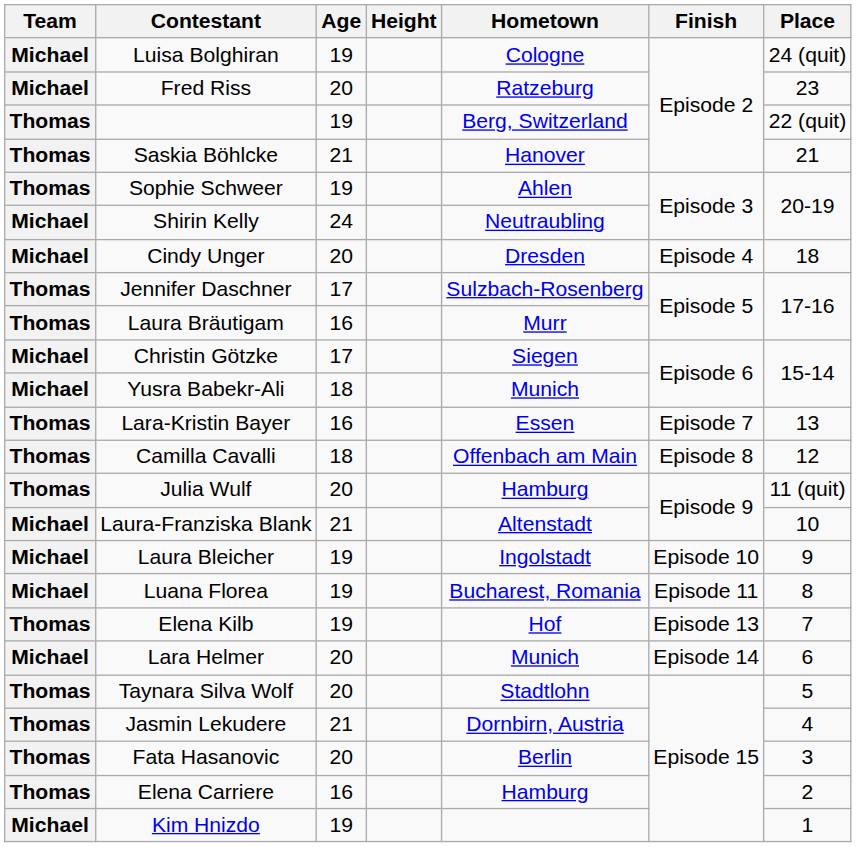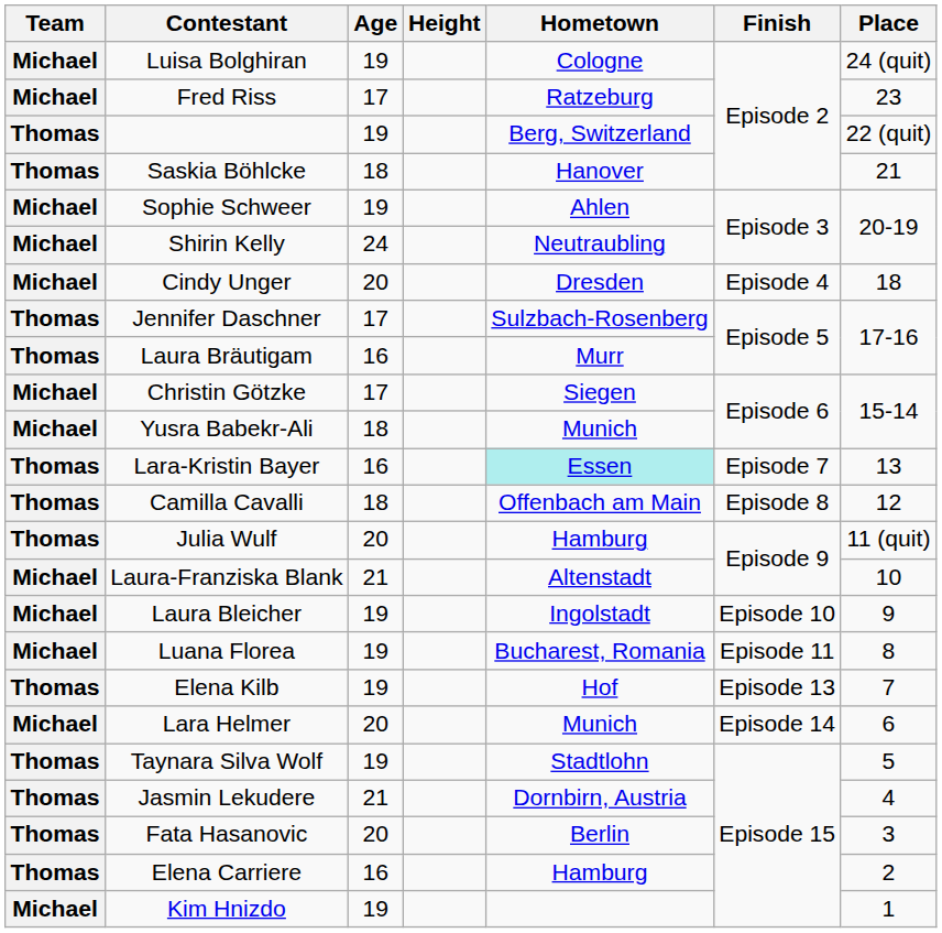 <table class="wikitable sortable" style="text-align:center;">
 <tr>
 <th>Team</th>
 <th>Contestant</th>
 <th>Age</th>
 <th>Height</th>
 <th>Hometown</th>
 <th>Finish</th>
 <th>Place</th>
 </tr>
 <tr>
 <th><span>Michael</span></th>
 <td>Luisa Bolghiran</td>
 <td>19</td>
 <td></td>
 <td><a href='#'>Cologne</a></td>
 <td rowspan="4">Episode 2</td>
 <td>24 (quit)</td>
 </tr>
 <tr>
 <th><span>Michael</span></th>
 <td>Fred Riss</td>
-<td>20</td>
+<td>17</td>
 <td></td>
 <td><a href='#'>Ratzeburg</a></td>
 <td>23</td>
 </tr>
 <tr>
 <th><span>Thomas</span></th>
 <td></td>
 <td>19</td>
 <td></td>
 <td><a href='#'>Berg, Switzerland</a></td>
 <td>22 (quit)</td>
 </tr>
 <tr>
 <th><span>Thomas</span></th>
 <td>Saskia Böhlcke</td>
-<td>21</td>
+<td>18</td>
 <td></td>
 <td><a href='#'>Hanover</a></td>
 <td>21</td>
 </tr>
 <tr>
-<th><span>Thomas</span></th>
+<th><span>Michael</span></th>
 <td>Sophie Schweer</td>
 <td>19</td>
 <td></td>
 <td><a href='#'>Ahlen</a></td>
 <td rowspan="2">Episode 3</td>
 <td rowspan="2">20-19</td>
 </tr>
 <tr>
 <th><span>Michael</span></th>
 <td>Shirin Kelly</td>
 <td>24</td>
 <td></td>
 <td><a href='#'>Neutraubling</a></td>
 </tr>
 <tr>
 <th><span>Michael</span></th>
 <td>Cindy Unger</td>
 <td>20</td>
 <td></td>
 <td><a href='#'>Dresden</a></td>
 <td>Episode 4</td>
 <td>18</td>
 </tr>
 <tr>
 <th><span>Thomas</span></th>
 <td>Jennifer Daschner</td>
 <td>17</td>
 <td></td>
 <td><a href='#'>Sulzbach-Rosenberg</a></td>
 <td rowspan="2">Episode 5</td>
 <td rowspan="2">17-16</td>
 </tr>
 <tr>
 <th><span>Thomas</span></th>
 <td>Laura Bräutigam</td>
 <td>16</td>
 <td></td>
 <td><a href='#'>Murr</a></td>
 </tr>
 <tr>
 <th><span>Michael</span></th>
 <td>Christin Götzke</td>
 <td>17</td>
 <td></td>
 <td><a href='#'>Siegen</a></td>
 <td rowspan="2">Episode 6</td>
 <td rowspan="2">15-14</td>
 </tr>
 <tr>
 <th><span>Michael</span></th>
 <td>Yusra Babekr-Ali</td>
 <td>18</td>
 <td></td>
 <td><a href='#'>Munich</a></td>
 </tr>
 <tr>
 <th><span>Thomas</span></th>
 <td>Lara-Kristin Bayer</td>
 <td>16</td>
 <td></td>
-<td><a href='#'>Essen</a></td>
+<td style="background: paleturquoise;"><a href='#'>Essen</a></td>
 <td>Episode 7</td>
 <td>13</td>
 </tr>
 <tr>
 <th><span>Thomas</span></th>
 <td>Camilla Cavalli</td>
 <td>18</td>
 <td></td>
 <td><a href='#'>Offenbach am Main</a></td>
 <td>Episode 8</td>
 <td>12</td>
 </tr>
 <tr>
 <th><span>Thomas</span></th>
 <td>Julia Wulf</td>
 <td>20</td>
 <td></td>
 <td><a href='#'>Hamburg</a></td>
 <td rowspan="2">Episode 9</td>
 <td>11 (quit)</td>
 </tr>
 <tr>
 <th><span>Michael</span></th>
 <td>Laura-Franziska Blank</td>
 <td>21</td>
 <td></td>
 <td><a href='#'>Altenstadt</a></td>
 <td>10</td>
 </tr>
 <tr>
 <th><span>Michael</span></th>
 <td>Laura Bleicher</td>
 <td>19</td>
 <td></td>
 <td><a href='#'>Ingolstadt</a></td>
 <td>Episode 10</td>
 <td>9</td>
 </tr>
 <tr>
 <th><span>Michael</span></th>
 <td>Luana Florea</td>
 <td>19</td>
 <td></td>
 <td><a href='#'>Bucharest, Romania</a></td>
 <td>Episode 11</td>
 <td>8</td>
 </tr>
 <tr>
 <th><span>Thomas</span></th>
 <td>Elena Kilb</td>
 <td>19</td>
 <td></td>
 <td><a href='#'>Hof</a></td>
 <td>Episode 13</td>
 <td>7</td>
 </tr>
 <tr>
 <th><span>Michael</span></th>
 <td>Lara Helmer</td>
 <td>20</td>
 <td></td>
 <td><a href='#'>Munich</a></td>
 <td>Episode 14</td>
 <td>6</td>
 </tr>
 <tr>
 <th><span>Thomas</span></th>
 <td>Taynara Silva Wolf</td>
-<td>20</td>
+<td>19</td>
 <td></td>
 <td><a href='#'>Stadtlohn</a></td>
 <td rowspan="5">Episode 15</td>
 <td>5</td>
 </tr>
 <tr>
 <th><span>Thomas</span></th>
 <td>Jasmin Lekudere</td>
 <td>21</td>
 <td></td>
 <td><a href='#'>Dornbirn, Austria</a></td>
 <td>4</td>
 </tr>
 <tr>
 <th><span>Thomas</span></th>
 <td>Fata Hasanovic</td>
 <td>20</td>
 <td></td>
 <td><a href='#'>Berlin</a></td>
 <td>3</td>
 </tr>
 <tr>
 <th><span>Thomas</span></th>
 <td>Elena Carriere</td>
 <td>16</td>
 <td></td>
 <td><a href='#'>Hamburg</a></td>
 <td>2</td>
 </tr>
 <tr>
 <th><span>Michael</span></th>
 <td><a href='#'>Kim Hnizdo</a></td>
 <td>19</td>
 <td></td>
 <td></td>
 <td>1</td>
 </tr>
 </table>
